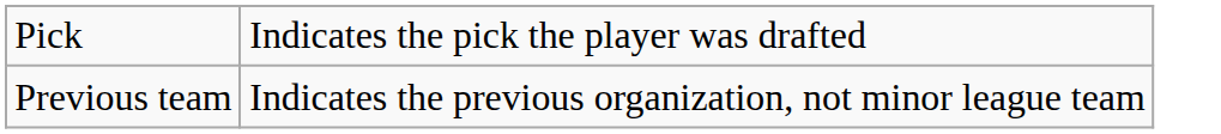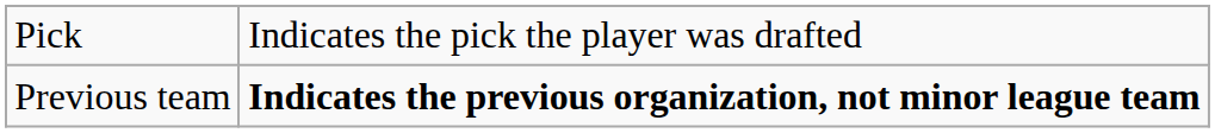 <table class="wikitable" border="1">
 <tr>
 <td>Pick</td>
 <td>Indicates the pick the player was drafted</td>
 </tr>
 <tr>
 <td>Previous team</td>
-<td>Indicates the previous organization, not minor league team</td>
+<td><strong>Indicates the previous organization, not minor league team</strong></td>
 </tr>
 </table>
